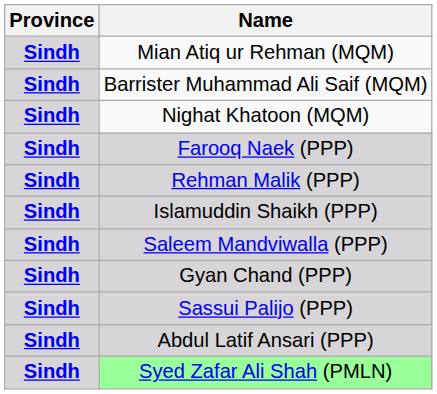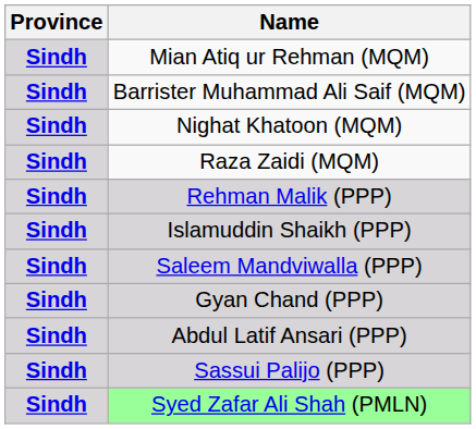 <table class="wikitable sortable" style="text-align:center">
 <tr style="vertical-align:bottom;">
 <th>Province</th>
 <th>Name</th>
 </tr>
 <tr>
 <th style="background:#D7D5D7"><a href='#'>Sindh</a></th>
 <td style="background:">Mian Atiq ur Rehman (MQM)</td>
 </tr>
 <tr>
 <th style="background:#D7D5D7"><a href='#'>Sindh</a></th>
 <td style="background:">Barrister Muhammad Ali Saif (MQM)</td>
 </tr>
 <tr>
 <th style="background:#D7D5D7"><a href='#'>Sindh</a></th>
 <td style="background:">Nighat Khatoon (MQM)</td>
 </tr>
 <tr>
 <th style="background:#D7D5D7"><a href='#'>Sindh</a></th>
-<td style="background:#D7D5D7"><a href='#'>Farooq Naek</a> (PPP)</td>
+<td style="background:">Raza Zaidi (MQM)</td>
 </tr>
 <tr>
 <th style="background:#D7D5D7"><a href='#'>Sindh</a></th>
 <td style="background:#D7D5D7"><a href='#'>Rehman Malik</a> (PPP)</td>
 </tr>
 <tr>
 <th style="background:#D7D5D7"><a href='#'>Sindh</a></th>
 <td style="background:#D7D5D7">Islamuddin Shaikh (PPP)</td>
 </tr>
 <tr>
 <th style="background:#D7D5D7"><a href='#'>Sindh</a></th>
 <td style="background:#D7D5D7"><a href='#'>Saleem Mandviwalla</a> (PPP)</td>
 </tr>
 <tr>
 <th style="background:#D7D5D7"><a href='#'>Sindh</a></th>
 <td style="background:#D7D5D7">Gyan Chand (PPP)</td>
 </tr>
 <tr>
 <th style="background:#D7D5D7"><a href='#'>Sindh</a></th>
-<td style="background:#D7D5D7"><a href='#'>Sassui Palijo</a> (PPP)</td>
+<td style="background:#D7D5D7">Abdul Latif Ansari (PPP)</td>
 </tr>
 <tr>
 <th style="background:#D7D5D7"><a href='#'>Sindh</a></th>
-<td style="background:#D7D5D7">Abdul Latif Ansari (PPP)</td>
+<td style="background:#D7D5D7"><a href='#'>Sassui Palijo</a> (PPP)</td>
 </tr>
 <tr>
 <th style="background:#D7D5D7"><a href='#'>Sindh</a></th>
 <td style="background:rgb(153, 255, 153);"><a href='#'>Syed Zafar Ali Shah</a> (PMLN)</td>
 </tr>
 </table>
